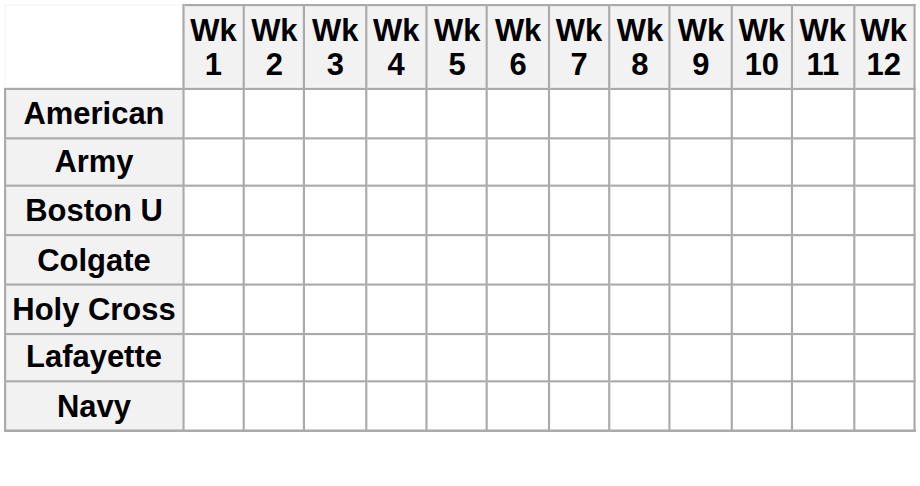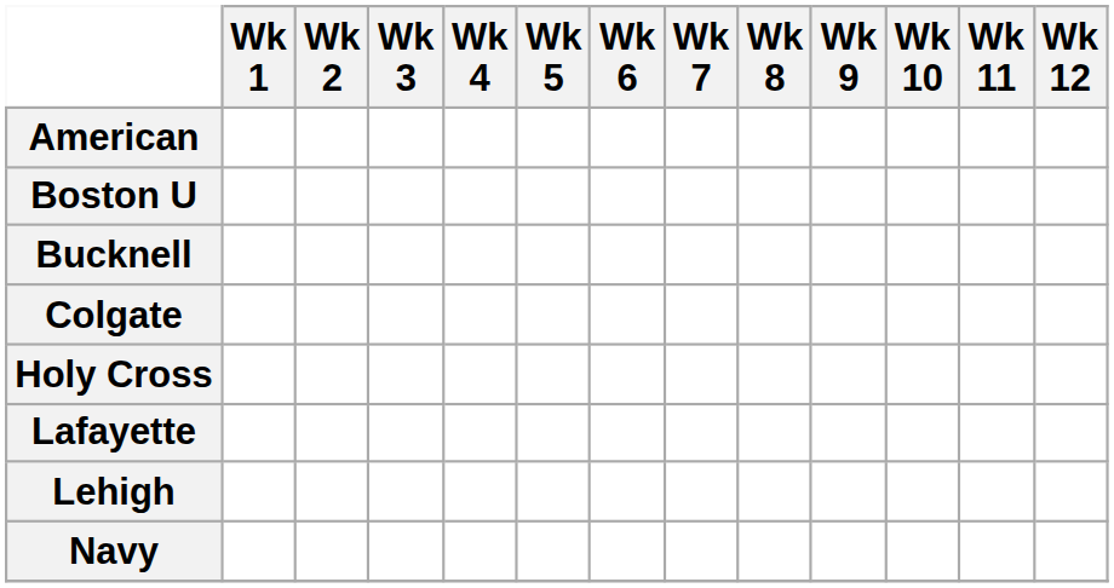 <table class="wikitable" style="white-space:nowrap;font-size:90%;text-align:center;">
 <tr>
 <th style="background:white; border-top-style:hidden; border-left-style:hidden;"> </th>
 <th>Wk<br> 1</th>
 <th>Wk<br>2</th>
 <th>Wk<br>3</th>
 <th>Wk<br>4</th>
 <th>Wk<br>5</th>
 <th>Wk<br>6</th>
 <th>Wk<br>7</th>
 <th>Wk<br>8</th>
 <th>Wk<br>9</th>
 <th>Wk<br>10</th>
 <th>Wk<br>11</th>
 <th>Wk<br>12</th>
 </tr>
 <tr>
 <th>American</th>
 <td style="background:#FFF;"></td>
 <td style="background:#FFF;"></td>
 <td style="background:#FFF;"></td>
 <td style="background:#FFF;"></td>
 <td style="background:#FFF;"></td>
 <td style="background:#FFF;"></td>
 <td style="background:#FFF;"></td>
 <td style="background:#FFF;"></td>
 <td style="background:#FFF;"></td>
 <td style="background:#FFF;"></td>
 <td style="background:#FFF;"></td>
 <td style="background:#FFF;"></td>
 </tr>
 <tr>
-<th>Army</th>
+<th>Boston U</th>
 <td style="background:#FFF;"></td>
 <td style="background:#FFF;"></td>
 <td style="background:#FFF;"></td>
 <td style="background:#FFF;"></td>
 <td style="background:#FFF;"></td>
 <td style="background:#FFF;"></td>
 <td style="background:#FFF;"></td>
 <td style="background:#FFF;"></td>
 <td style="background:#FFF;"></td>
 <td style="background:#FFF;"></td>
 <td style="background:#FFF;"></td>
 <td style="background:#FFF;"></td>
 </tr>
 <tr>
-<th>Boston U</th>
+<th>Bucknell</th>
 <td style="background:#FFF;"></td>
 <td style="background:#FFF;"></td>
 <td style="background:#FFF;"></td>
 <td style="background:#FFF;"></td>
 <td style="background:#FFF;"></td>
 <td style="background:#FFF;"></td>
 <td style="background:#FFF;"></td>
 <td style="background:#FFF;"></td>
 <td style="background:#FFF;"></td>
 <td style="background:#FFF;"></td>
 <td style="background:#FFF;"></td>
 <td style="background:#FFF;"></td>
 </tr>
 <tr>
 <th>Colgate</th>
 <td style="background:#FFF;"></td>
 <td style="background:#FFF;"></td>
 <td style="background:#FFF;"></td>
 <td style="background:#FFF;"></td>
 <td style="background:#FFF;"></td>
 <td style="background:#FFF;"></td>
 <td style="background:#FFF;"></td>
 <td style="background:#FFF;"></td>
 <td style="background:#FFF;"></td>
 <td style="background:#FFF;"></td>
 <td style="background:#FFF;"></td>
 <td style="background:#FFF;"></td>
 </tr>
 <tr>
 <th>Holy Cross</th>
 <td style="background:#FFF;"></td>
 <td style="background:#FFF;"></td>
 <td style="background:#FFF;"></td>
 <td style="background:#FFF;"></td>
 <td style="background:#FFF;"></td>
 <td style="background:#FFF;"></td>
 <td style="background:#FFF;"></td>
 <td style="background:#FFF;"></td>
 <td style="background:#FFF;"></td>
 <td style="background:#FFF;"></td>
 <td style="background:#FFF;"></td>
 <td style="background:#FFF;"></td>
 </tr>
 <tr>
 <th>Lafayette</th>
 <td style="background:#FFF;"></td>
 <td style="background:#FFF;"></td>
 <td style="background:#FFF;"></td>
 <td style="background:#FFF;"></td>
 <td style="background:#FFF;"></td>
 <td style="background:#FFF;"></td>
 <td style="background:#FFF;"></td>
 <td style="background:#FFF;"></td>
 <td style="background:#FFF;"></td>
 <td style="background:#FFF;"></td>
 <td style="background:#FFF;"></td>
 <td style="background:#FFF;"></td>
 </tr>
 <tr>
+<th>Lehigh</th>
+<td style="background:#FFF;"></td>
+<td style="background:#FFF;"></td>
+<td style="background:#FFF;"></td>
+<td style="background:#FFF;"></td>
+<td style="background:#FFF;"></td>
+<td style="background:#FFF;"></td>
+<td style="background:#FFF;"></td>
+<td style="background:#FFF;"></td>
+<td style="background:#FFF;"></td>
+<td style="background:#FFF;"></td>
+<td style="background:#FFF;"></td>
+<td style="background:#FFF;"></td>
+</tr>
+<tr>
 <th>Navy</th>
 <td style="background:#FFF;"></td>
 <td style="background:#FFF;"></td>
 <td style="background:#FFF;"></td>
 <td style="background:#FFF;"></td>
 <td style="background:#FFF;"></td>
 <td style="background:#FFF;"></td>
 <td style="background:#FFF;"></td>
 <td style="background:#FFF;"></td>
 <td style="background:#FFF;"></td>
 <td style="background:#FFF;"></td>
 <td style="background:#FFF;"></td>
 <td style="background:#FFF;"></td>
 </tr>
 <tr>
 </tr>
 </table>
